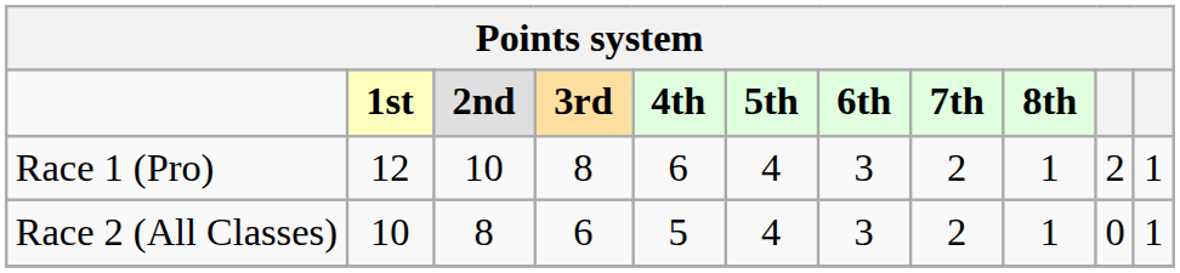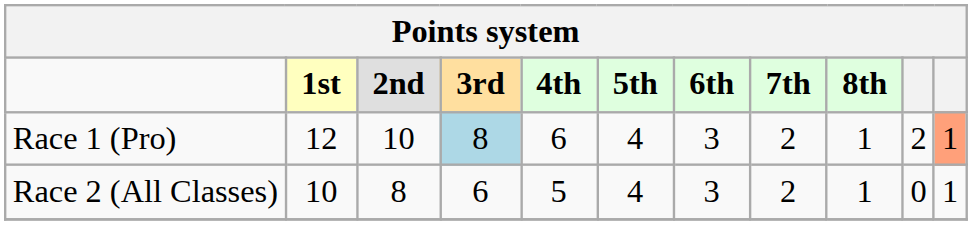 <table class="wikitable" style="font-size:85%; text-align:center">
 <tr>
 <th colspan="20">Points system</th>
 </tr>
 <tr>
 <td></td>
 <td style="background:#ffffbf;"> <strong>1st</strong> </td>
 <td style="background:#dfdfdf;"> <strong>2nd</strong> </td>
 <td style="background:#ffdf9f;"> <strong>3rd</strong> </td>
 <td style="background:#dfffdf;"> <strong>4th</strong> </td>
 <td style="background:#dfffdf;"> <strong>5th</strong> </td>
 <td style="background:#dfffdf;"> <strong>6th</strong> </td>
 <td style="background:#dfffdf;"> <strong>7th</strong> </td>
 <td style="background:#dfffdf;"> <strong>8th</strong> </td>
 <th></th>
 <th></th>
 </tr>
 <tr>
 <td align=left>Race 1 (Pro)</td>
 <td>12</td>
 <td>10</td>
-<td>8</td>
+<td style="background: lightblue;">8</td>
 <td>6</td>
 <td>4</td>
 <td>3</td>
 <td>2</td>
 <td>1</td>
 <td>2</td>
-<td>1</td>
+<td style="background: lightsalmon;">1</td>
 </tr>
 <tr>
 <td align=left>Race 2 (All Classes)</td>
 <td>10</td>
 <td>8</td>
 <td>6</td>
 <td>5</td>
 <td>4</td>
 <td>3</td>
 <td>2</td>
 <td>1</td>
 <td>0</td>
 <td>1</td>
 </tr>
 <tr>
 </tr>
 </table>
